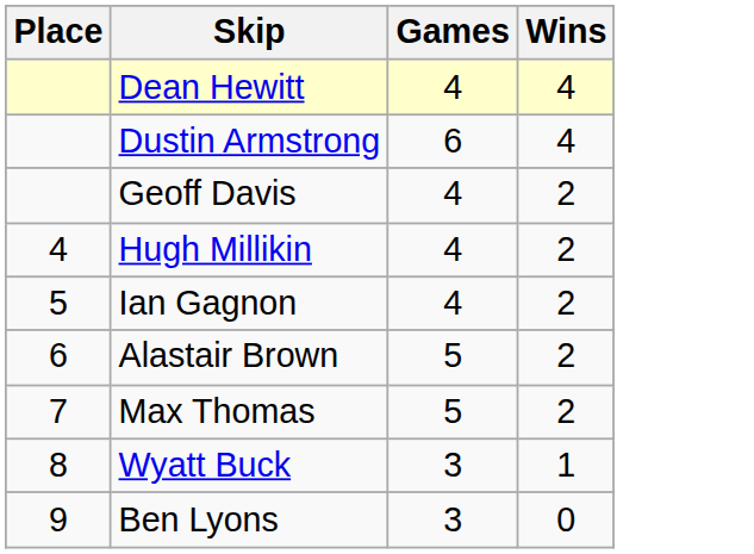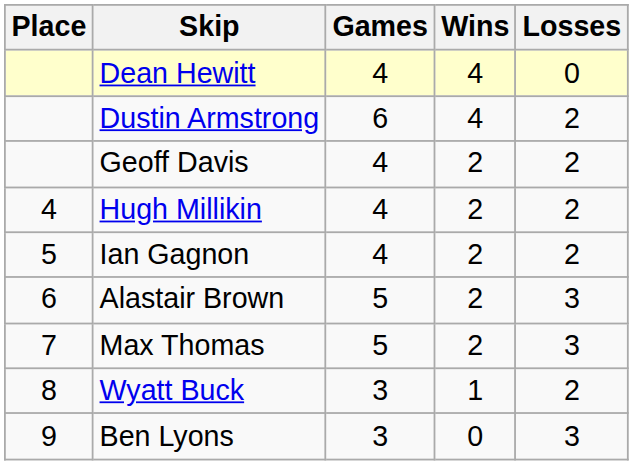 <table class="wikitable" style="text-align:center;">
 <tr>
 <th>Place</th>
 <th>Skip</th>
 <th>Games</th>
 <th>Wins</th>
+<th>Losses</th>
 </tr>
 <tr bgcolor=#ffffcc>
 <td></td>
 <td align=left><a href='#'>Dean Hewitt</a></td>
 <td>4</td>
 <td>4</td>
+<td>0</td>
 </tr>
 <tr>
 <td></td>
 <td align=left><a href='#'>Dustin Armstrong</a></td>
 <td>6</td>
 <td>4</td>
+<td>2</td>
 </tr>
 <tr>
 <td></td>
 <td align=left>Geoff Davis</td>
 <td>4</td>
+<td>2</td>
 <td>2</td>
 </tr>
 <tr>
 <td>4</td>
 <td align=left><a href='#'>Hugh Millikin</a></td>
 <td>4</td>
 <td>2</td>
+<td>2</td>
 </tr>
 <tr>
 <td>5</td>
 <td align=left>Ian Gagnon</td>
 <td>4</td>
+<td>2</td>
 <td>2</td>
 </tr>
 <tr>
 <td>6</td>
 <td align=left>Alastair Brown</td>
 <td>5</td>
 <td>2</td>
+<td>3</td>
 </tr>
 <tr>
 <td>7</td>
 <td align=left>Max Thomas</td>
 <td>5</td>
 <td>2</td>
+<td>3</td>
 </tr>
 <tr>
 <td>8</td>
 <td align=left><a href='#'>Wyatt Buck</a></td>
 <td>3</td>
 <td>1</td>
+<td>2</td>
 </tr>
 <tr>
 <td>9</td>
 <td align=left>Ben Lyons</td>
 <td>3</td>
 <td>0</td>
+<td>3</td>
 </tr>
 </table>
